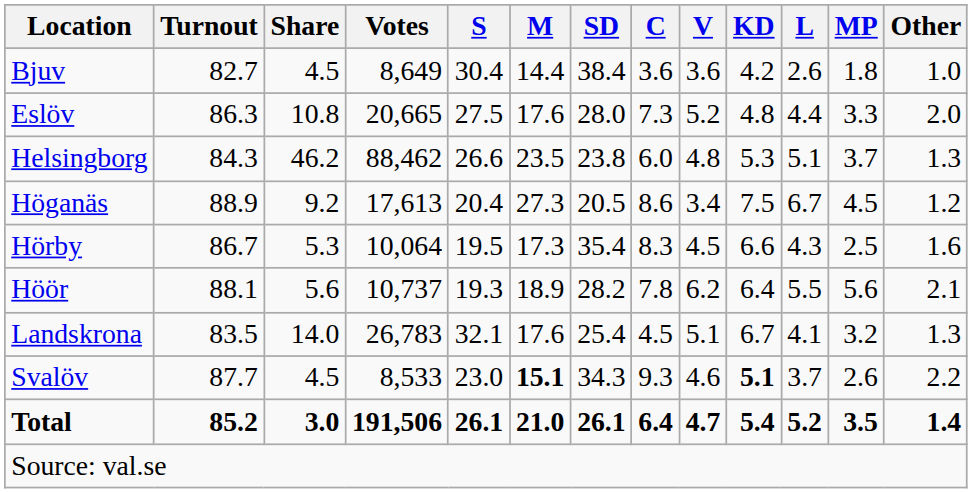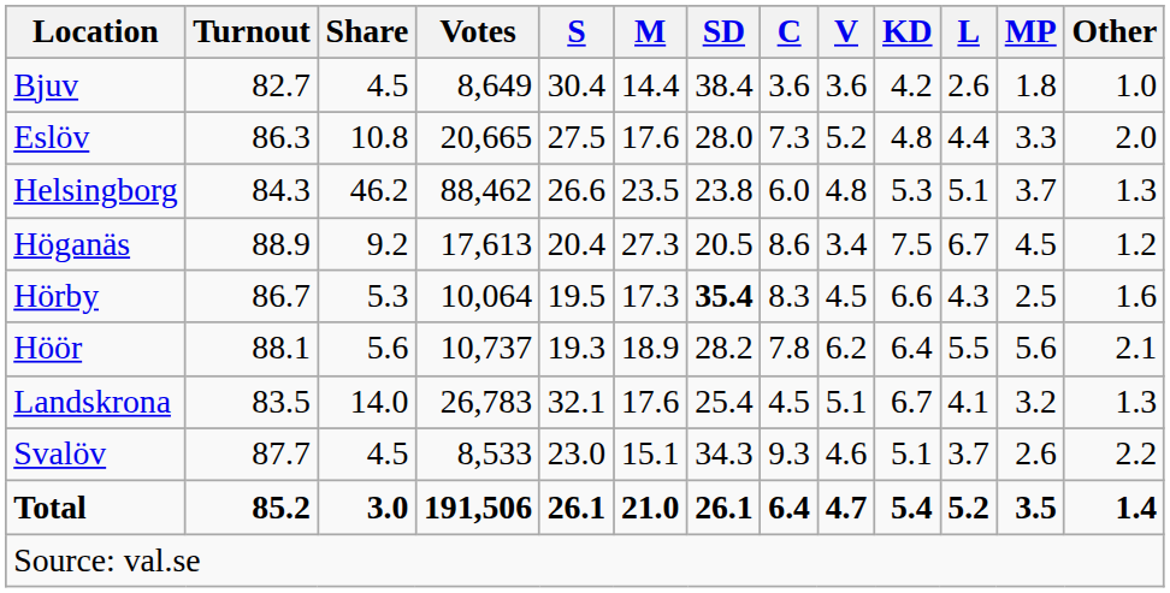 <table class="wikitable sortable" style=text-align:right>
 <tr>
 <th>Location</th>
 <th>Turnout</th>
 <th>Share</th>
 <th>Votes</th>
 <th><a href='#'>S</a></th>
 <th><a href='#'>M</a></th>
 <th><a href='#'>SD</a></th>
 <th><a href='#'>C</a></th>
 <th><a href='#'>V</a></th>
 <th><a href='#'>KD</a></th>
 <th><a href='#'>L</a></th>
 <th><a href='#'>MP</a></th>
 <th>Other</th>
 </tr>
 <tr>
 <td align=left><a href='#'>Bjuv</a></td>
 <td>82.7</td>
 <td>4.5</td>
 <td>8,649</td>
 <td>30.4</td>
 <td>14.4</td>
 <td>38.4</td>
 <td>3.6</td>
 <td>3.6</td>
 <td>4.2</td>
 <td>2.6</td>
 <td>1.8</td>
 <td>1.0</td>
 </tr>
 <tr>
 <td align=left><a href='#'>Eslöv</a></td>
 <td>86.3</td>
 <td>10.8</td>
 <td>20,665</td>
 <td>27.5</td>
 <td>17.6</td>
 <td>28.0</td>
 <td>7.3</td>
 <td>5.2</td>
 <td>4.8</td>
 <td>4.4</td>
 <td>3.3</td>
 <td>2.0</td>
 </tr>
 <tr>
 <td align=left><a href='#'>Helsingborg</a></td>
 <td>84.3</td>
 <td>46.2</td>
 <td>88,462</td>
 <td>26.6</td>
 <td>23.5</td>
 <td>23.8</td>
 <td>6.0</td>
 <td>4.8</td>
 <td>5.3</td>
 <td>5.1</td>
 <td>3.7</td>
 <td>1.3</td>
 </tr>
 <tr>
 <td align=left><a href='#'>Höganäs</a></td>
 <td>88.9</td>
 <td>9.2</td>
 <td>17,613</td>
 <td>20.4</td>
 <td>27.3</td>
 <td>20.5</td>
 <td>8.6</td>
 <td>3.4</td>
 <td>7.5</td>
 <td>6.7</td>
 <td>4.5</td>
 <td>1.2</td>
 </tr>
 <tr>
 <td align=left><a href='#'>Hörby</a></td>
 <td>86.7</td>
 <td>5.3</td>
 <td>10,064</td>
 <td>19.5</td>
 <td>17.3</td>
-<td>35.4</td>
+<td><strong>35.4</strong></td>
 <td>8.3</td>
 <td>4.5</td>
 <td>6.6</td>
 <td>4.3</td>
 <td>2.5</td>
 <td>1.6</td>
 </tr>
 <tr>
 <td align=left><a href='#'>Höör</a></td>
 <td>88.1</td>
 <td>5.6</td>
 <td>10,737</td>
 <td>19.3</td>
 <td>18.9</td>
 <td>28.2</td>
 <td>7.8</td>
 <td>6.2</td>
 <td>6.4</td>
 <td>5.5</td>
 <td>5.6</td>
 <td>2.1</td>
 </tr>
 <tr>
 <td align=left><a href='#'>Landskrona</a></td>
 <td>83.5</td>
 <td>14.0</td>
 <td>26,783</td>
 <td>32.1</td>
 <td>17.6</td>
 <td>25.4</td>
 <td>4.5</td>
 <td>5.1</td>
 <td>6.7</td>
 <td>4.1</td>
 <td>3.2</td>
 <td>1.3</td>
 </tr>
 <tr>
 <td align=left><a href='#'>Svalöv</a></td>
 <td>87.7</td>
 <td>4.5</td>
 <td>8,533</td>
 <td>23.0</td>
-<td><strong>15.1</strong></td>
+<td>15.1</td>
 <td>34.3</td>
 <td>9.3</td>
 <td>4.6</td>
-<td><strong>5.1</strong></td>
+<td>5.1</td>
 <td>3.7</td>
 <td>2.6</td>
 <td>2.2</td>
 </tr>
 <tr>
 <td align=left><strong>Total</strong></td>
 <td><strong>85.2</strong></td>
 <td><strong>3.0</strong></td>
 <td><strong>191,506</strong></td>
 <td><strong>26.1</strong></td>
 <td><strong>21.0</strong></td>
 <td><strong>26.1</strong></td>
 <td><strong>6.4</strong></td>
 <td><strong>4.7</strong></td>
 <td><strong>5.4</strong></td>
 <td><strong>5.2</strong></td>
 <td><strong>3.5</strong></td>
 <td><strong>1.4</strong></td>
 </tr>
 <tr>
 <td align=left colspan=13>Source: val.se</td>
 </tr>
 </table>
